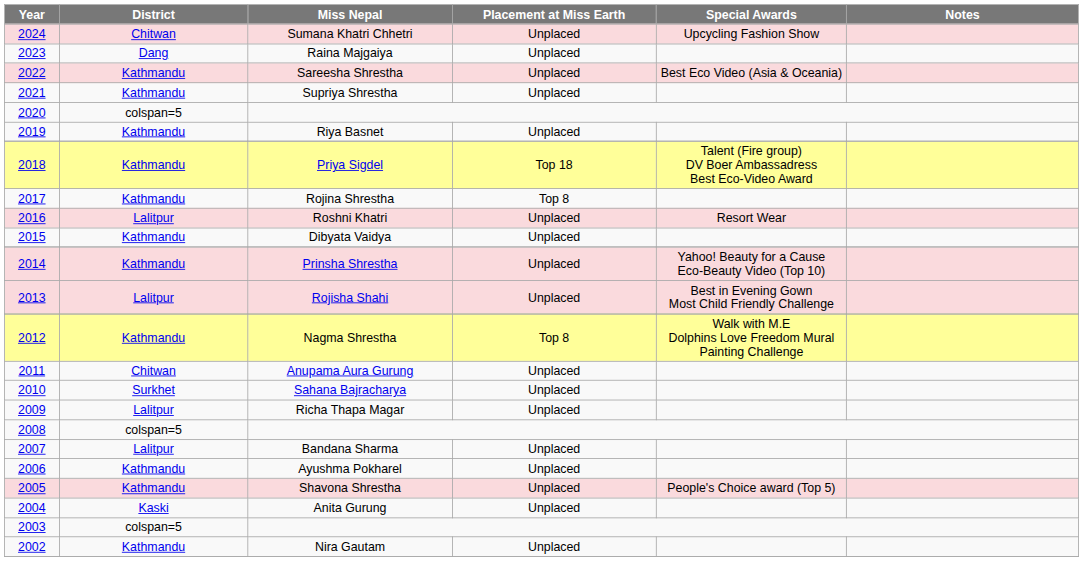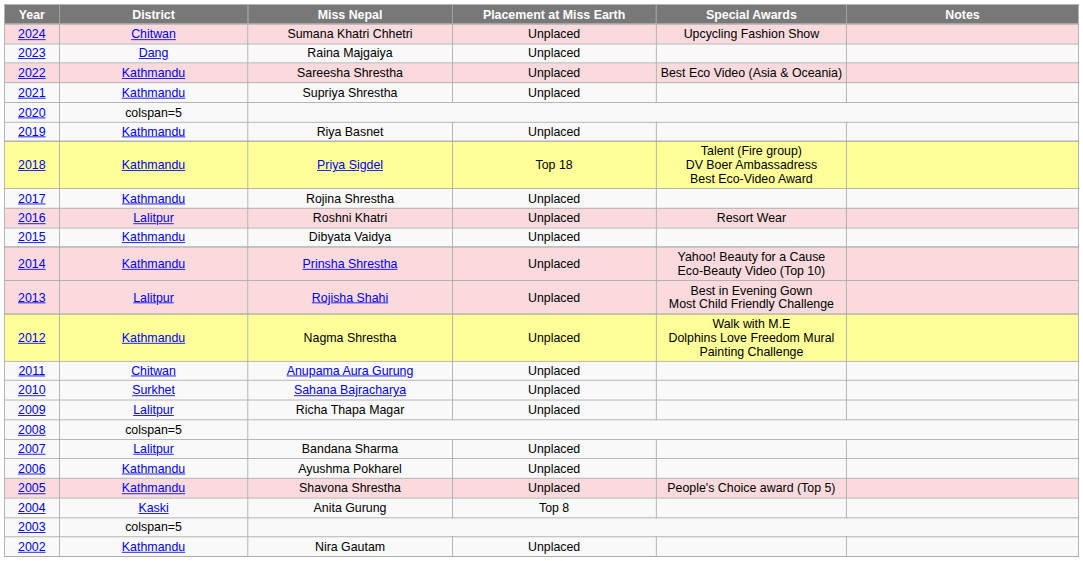 <table class="wikitable" style="font-size: 90%; text-align:center">
 <tr>
 <th width="60" style="background-color:#787878;color:#FFFFFF;">Year</th>
 <th width="230" style="background-color:#787878;color:#FFFFFF;">District</th>
 <th width="250" style="background-color:#787878;color:#FFFFFF;">Miss Nepal</th>
 <th width="250" style="background-color:#787878;color:#FFFFFF;">Placement at Miss Earth</th>
 <th width="230" style="background-color:#787878;color:#FFFFFF;">Special Awards</th>
 <th width="290" style="background-color:#787878;color:#FFFFFF;">Notes</th>
 </tr>
 <tr style="background-color:#FADADD; ">
 <td><a href='#'>2024</a></td>
 <td><a href='#'>Chitwan</a></td>
 <td>Sumana Khatri Chhetri</td>
 <td>Unplaced</td>
 <td> Upcycling Fashion Show</td>
 <td></td>
 </tr>
 <tr>
 <td><a href='#'>2023</a></td>
 <td><a href='#'>Dang</a></td>
 <td>Raina Majgaiya</td>
 <td>Unplaced</td>
 <td></td>
 <td></td>
 </tr>
 <tr style="background-color:#FADADD; ">
 <td><a href='#'>2022</a></td>
 <td><a href='#'>Kathmandu</a></td>
 <td>Sareesha Shrestha</td>
 <td>Unplaced</td>
 <td>Best Eco Video (Asia & Oceania)</td>
 <td></td>
 </tr>
 <tr>
 <td><a href='#'>2021</a></td>
 <td><a href='#'>Kathmandu</a></td>
 <td>Supriya Shrestha</td>
 <td>Unplaced</td>
 <td></td>
 <td></td>
 </tr>
 <tr>
 <td><a href='#'>2020</a></td>
 <td>colspan=5 </td>
 </tr>
 <tr>
 <td><a href='#'>2019</a></td>
 <td><a href='#'>Kathmandu</a></td>
 <td>Riya Basnet</td>
 <td>Unplaced</td>
 <td></td>
 <td></td>
 </tr>
 <tr>
 </tr>
 <tr style="background-color:#FFFF99; ">
 <td><a href='#'>2018</a></td>
 <td><a href='#'>Kathmandu</a></td>
 <td><a href='#'>Priya Sigdel</a></td>
 <td>Top 18</td>
 <td> Talent (Fire group) <br> DV Boer Ambassadress <br> Best Eco-Video Award</td>
 <td></td>
 </tr>
 <tr>
 <td><a href='#'>2017</a></td>
 <td><a href='#'>Kathmandu</a></td>
 <td>Rojina Shrestha</td>
-<td>Top 8</td>
+<td>Unplaced</td>
 <td></td>
 <td></td>
 </tr>
 <tr style="background-color:#FADADD; ">
 <td><a href='#'>2016</a></td>
 <td><a href='#'>Lalitpur</a></td>
 <td>Roshni Khatri</td>
 <td>Unplaced</td>
 <td> Resort Wear</td>
 <td></td>
 </tr>
 <tr>
 <td><a href='#'>2015</a></td>
 <td><a href='#'>Kathmandu</a></td>
 <td>Dibyata Vaidya</td>
 <td>Unplaced</td>
 <td></td>
 <td></td>
 </tr>
 <tr>
 </tr>
 <tr style="background-color:#FADADD; ">
 <td><a href='#'>2014</a></td>
 <td><a href='#'>Kathmandu</a></td>
 <td><a href='#'>Prinsha Shrestha</a></td>
 <td>Unplaced</td>
 <td> Yahoo! Beauty for a Cause <br> Eco-Beauty Video (Top 10)</td>
 <td></td>
 </tr>
 <tr style="background-color:#FADADD; ">
 <td><a href='#'>2013</a></td>
 <td><a href='#'>Lalitpur</a></td>
 <td><a href='#'>Rojisha Shahi</a></td>
 <td>Unplaced</td>
 <td> Best in Evening Gown <br>  Most Child Friendly Challenge</td>
 <td></td>
 </tr>
 <tr>
 </tr>
 <tr style="background-color:#FFFF99; ">
 <td><a href='#'>2012</a></td>
 <td><a href='#'>Kathmandu</a></td>
 <td>Nagma Shrestha</td>
-<td>Top 8</td>
+<td>Unplaced</td>
 <td> Walk with M.E <br>  Dolphins Love Freedom Mural Painting Challenge</td>
 <td></td>
 </tr>
 <tr>
 <td><a href='#'>2011</a></td>
 <td><a href='#'>Chitwan</a></td>
 <td><a href='#'>Anupama Aura Gurung</a></td>
 <td>Unplaced</td>
 <td></td>
 <td></td>
 </tr>
 <tr>
 <td><a href='#'>2010</a></td>
 <td><a href='#'>Surkhet</a></td>
 <td><a href='#'>Sahana Bajracharya</a></td>
 <td>Unplaced</td>
 <td></td>
 <td></td>
 </tr>
 <tr>
 <td><a href='#'>2009</a></td>
 <td><a href='#'>Lalitpur</a></td>
 <td>Richa Thapa Magar</td>
 <td>Unplaced</td>
 <td></td>
 <td></td>
 </tr>
 <tr>
 <td><a href='#'>2008</a></td>
 <td>colspan=5 </td>
 </tr>
 <tr>
 <td><a href='#'>2007</a></td>
 <td><a href='#'>Lalitpur</a></td>
 <td>Bandana Sharma</td>
 <td>Unplaced</td>
 <td></td>
 <td></td>
 </tr>
 <tr>
 <td><a href='#'>2006</a></td>
 <td><a href='#'>Kathmandu</a></td>
 <td>Ayushma Pokharel</td>
 <td>Unplaced</td>
 <td></td>
 <td></td>
 </tr>
 <tr style="background-color:#FADADD; ">
 <td><a href='#'>2005</a></td>
 <td><a href='#'>Kathmandu</a></td>
 <td>Shavona Shrestha</td>
 <td>Unplaced</td>
 <td>People's Choice award (Top 5)</td>
 <td></td>
 </tr>
 <tr>
 <td><a href='#'>2004</a></td>
 <td><a href='#'>Kaski</a></td>
 <td>Anita Gurung</td>
-<td>Unplaced</td>
+<td>Top 8</td>
 <td></td>
 <td></td>
 </tr>
 <tr>
 <td><a href='#'>2003</a></td>
 <td>colspan=5 </td>
 </tr>
 <tr>
 <td><a href='#'>2002</a></td>
 <td><a href='#'>Kathmandu</a></td>
 <td>Nira Gautam</td>
 <td>Unplaced</td>
 <td></td>
 <td></td>
 </tr>
 <tr>
 </tr>
 </table>
